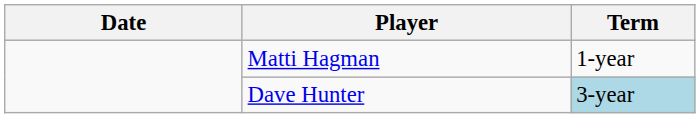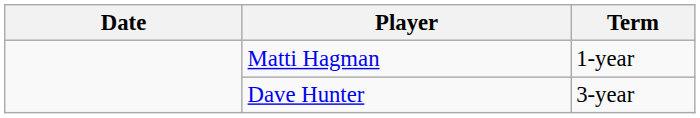 <table class="wikitable">
 <tr>
 <th style="width: 10em;">Date</th>
 <th style="width: 14em;">Player</th>
 <th style="width: 5em;">Term</th>
 </tr>
 <tr>
 <td rowspan=2></td>
 <td><a href='#'>Matti Hagman</a></td>
 <td>1-year</td>
 </tr>
 <tr>
 <td><a href='#'>Dave Hunter</a></td>
-<td style="background: lightblue;">3-year</td>
+<td>3-year</td>
 </tr>
 </table>
